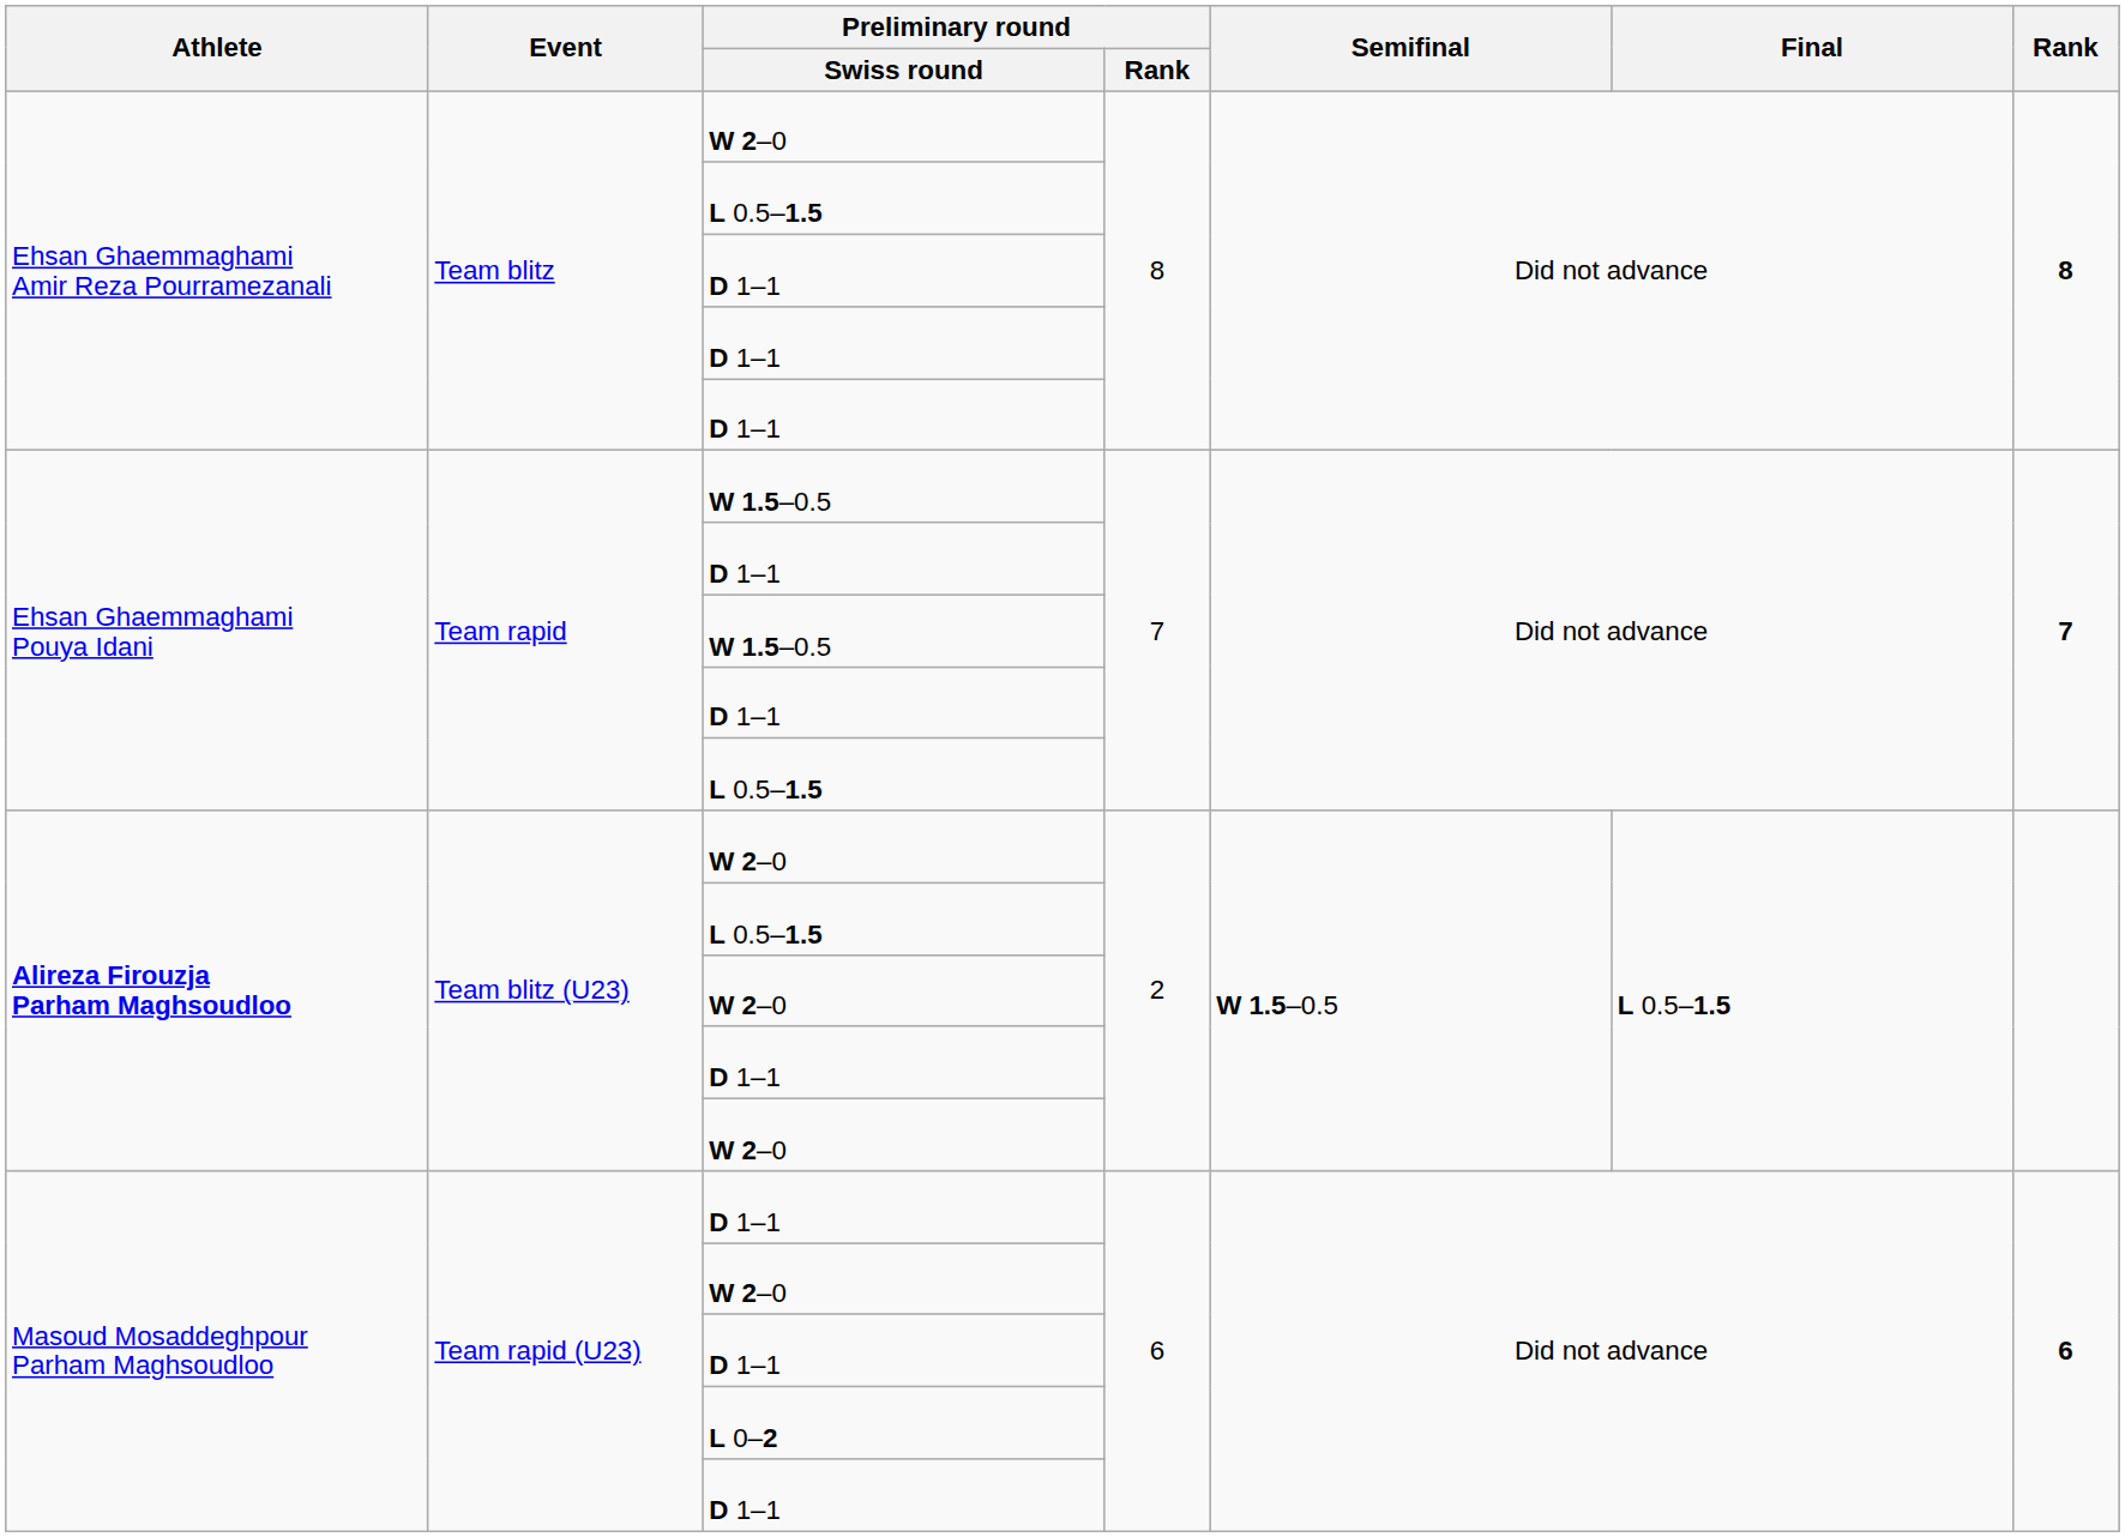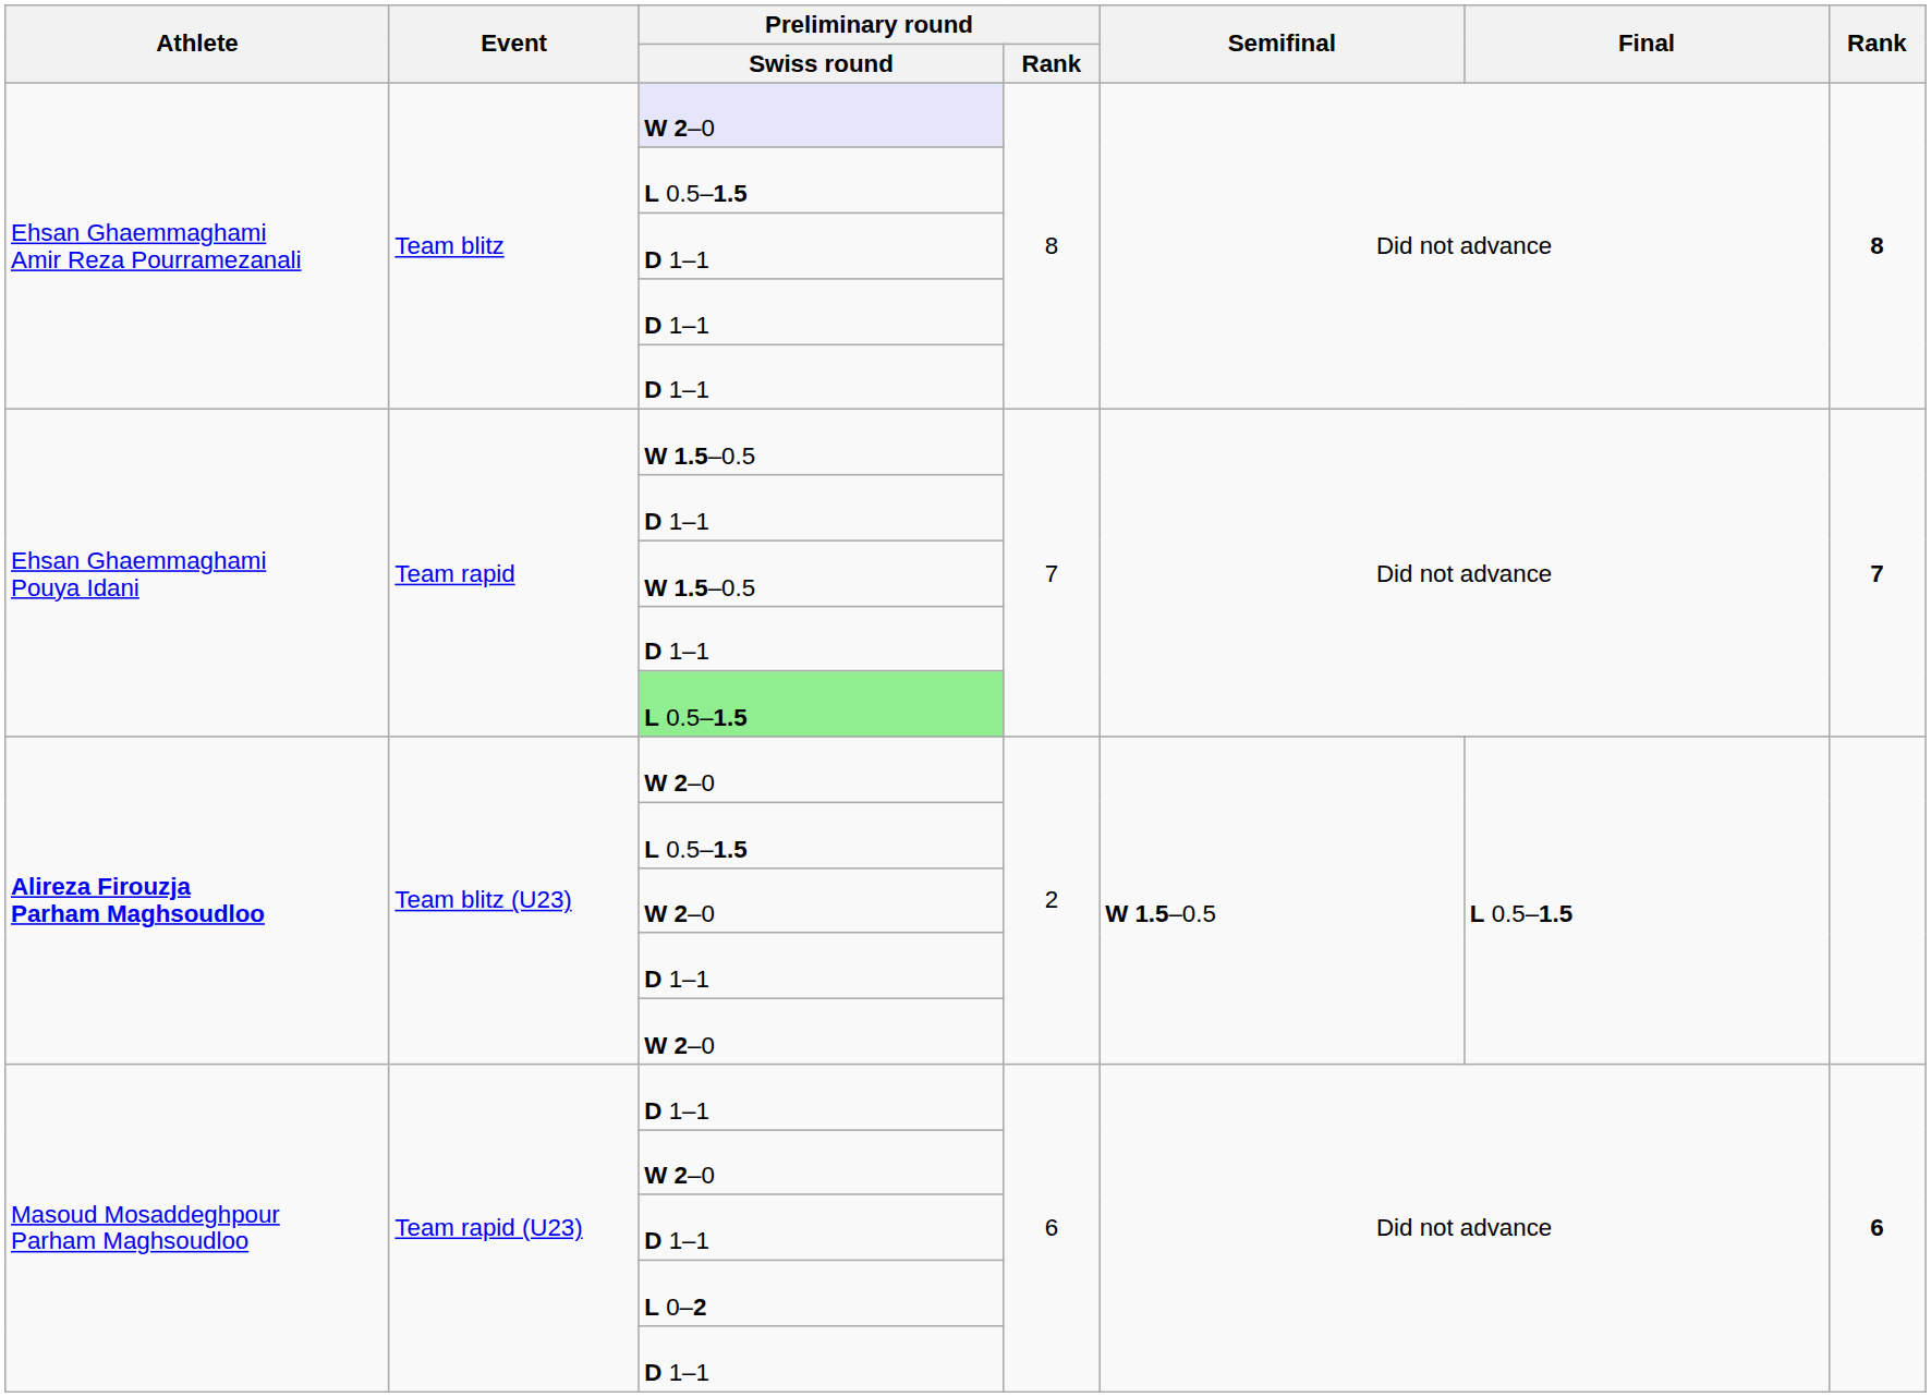 <table class="wikitable" width="90%" style="text-align:left; font-size:90%">
 <tr>
 <th rowspan="2" width="20%">Athlete</th>
 <th rowspan="2" width="13%">Event</th>
 <th colspan="2">Preliminary round</th>
 <th rowspan="2" width="19%">Semifinal</th>
 <th rowspan="2" width="19%">Final</th>
 <th rowspan="2" width="5%">Rank</th>
 </tr>
 <tr>
 <th width="19%">Swiss round</th>
 <th width="5%">Rank</th>
 </tr>
 <tr>
 <td rowspan=5><a href='#'>Ehsan Ghaemmaghami</a><br><a href='#'>Amir Reza Pourramezanali</a></td>
 <td rowspan=5><a href='#'>Team blitz</a></td>
-<td><br><strong>W</strong> <strong>2</strong>–0</td>
+<td style="background: lavender;"><br><strong>W</strong> <strong>2</strong>–0</td>
 <td rowspan=5 align=center>8</td>
 <td rowspan=5 colspan=2 align=center>Did not advance</td>
 <td rowspan=5 align="center"><strong>8</strong></td>
 </tr>
 <tr>
 <td><br><strong>L</strong> 0.5–<strong>1.5</strong></td>
 </tr>
 <tr>
 <td><br><strong>D</strong> 1–1</td>
 </tr>
 <tr>
 <td><br><strong>D</strong> 1–1</td>
 </tr>
 <tr>
 <td><br><strong>D</strong> 1–1</td>
 </tr>
 <tr>
 <td rowspan=5><a href='#'>Ehsan Ghaemmaghami</a><br><a href='#'>Pouya Idani</a></td>
 <td rowspan=5><a href='#'>Team rapid</a></td>
 <td><br><strong>W</strong> <strong>1.5</strong>–0.5</td>
 <td rowspan=5 align=center>7</td>
 <td rowspan=5 colspan=2 align=center>Did not advance</td>
 <td rowspan=5 align="center"><strong>7</strong></td>
 </tr>
 <tr>
 <td><br><strong>D</strong> 1–1</td>
 </tr>
 <tr>
 <td><br><strong>W</strong> <strong>1.5</strong>–0.5</td>
 </tr>
 <tr>
 <td><br><strong>D</strong> 1–1</td>
 </tr>
 <tr>
-<td><br><strong>L</strong> 0.5–<strong>1.5</strong></td>
+<td style="background: lightgreen;"><br><strong>L</strong> 0.5–<strong>1.5</strong></td>
 </tr>
 <tr>
 <td rowspan=5><strong><a href='#'>Alireza Firouzja</a><br><a href='#'>Parham Maghsoudloo</a></strong></td>
 <td rowspan=5><a href='#'>Team blitz (U23)</a></td>
 <td><br><strong>W</strong> <strong>2</strong>–0</td>
 <td rowspan=5 align=center>2 <strong></strong></td>
 <td rowspan=5><br><strong>W</strong> <strong>1.5</strong>–0.5</td>
 <td rowspan=5><br><strong>L</strong> 0.5–<strong>1.5</strong></td>
 <td rowspan=5 align="center"></td>
 </tr>
 <tr>
 <td><br><strong>L</strong> 0.5–<strong>1.5</strong></td>
 </tr>
 <tr>
 <td><br><strong>W</strong> <strong>2</strong>–0</td>
 </tr>
 <tr>
 <td><br><strong>D</strong> 1–1</td>
 </tr>
 <tr>
 <td><br><strong>W</strong> <strong>2</strong>–0</td>
 </tr>
 <tr>
 <td rowspan=5><a href='#'>Masoud Mosaddeghpour</a><br><a href='#'>Parham Maghsoudloo</a></td>
 <td rowspan=5><a href='#'>Team rapid (U23)</a></td>
 <td><br><strong>D</strong> 1–1</td>
 <td rowspan=5 align=center>6</td>
 <td rowspan=5 colspan=2 align=center>Did not advance</td>
 <td rowspan=5 align="center"><strong>6</strong></td>
 </tr>
 <tr>
 <td><br><strong>W</strong> <strong>2</strong>–0</td>
 </tr>
 <tr>
 <td><br><strong>D</strong> 1–1</td>
 </tr>
 <tr>
 <td><br><strong>L</strong> 0–<strong>2</strong></td>
 </tr>
 <tr>
 <td><br><strong>D</strong> 1–1</td>
 </tr>
 </table>
